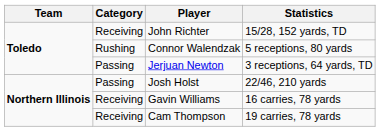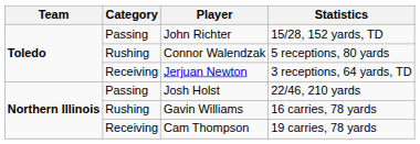 <table class="wikitable" style="float: right;">
 <tr>
 <th>Team</th>
 <th>Category</th>
 <th>Player</th>
 <th>Statistics</th>
 </tr>
 <tr>
 <td rowspan=3><strong>Toledo</strong></td>
-<td>Receiving</td>
+<td>Passing</td>
 <td>John Richter</td>
 <td>15/28, 152 yards, TD</td>
 </tr>
 <tr>
 <td>Rushing</td>
 <td>Connor Walendzak</td>
 <td>5 receptions, 80 yards</td>
 </tr>
 <tr>
-<td>Passing</td>
+<td>Receiving</td>
 <td><a href='#'>Jerjuan Newton</a></td>
 <td>3 receptions, 64 yards, TD</td>
 </tr>
 <tr>
 <td rowspan=3><strong>Northern Illinois</strong></td>
 <td>Passing</td>
 <td>Josh Holst</td>
 <td>22/46, 210 yards</td>
 </tr>
 <tr>
-<td>Receiving</td>
+<td>Rushing</td>
 <td>Gavin Williams</td>
 <td>16 carries, 78 yards</td>
 </tr>
 <tr>
 <td>Receiving</td>
 <td>Cam Thompson</td>
 <td>19 carries, 78 yards</td>
 </tr>
 </table>
